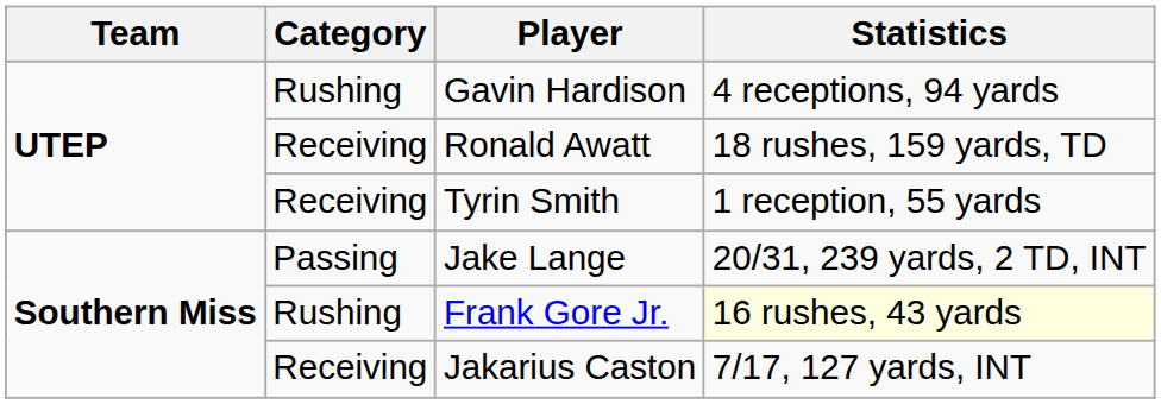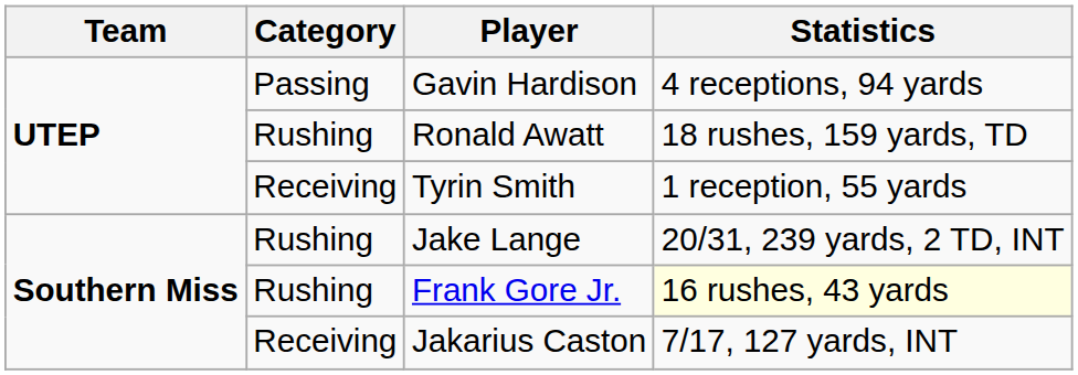 <table class="wikitable" style="float: left;">
 <tr>
 <th>Team</th>
 <th>Category</th>
 <th>Player</th>
 <th>Statistics</th>
 </tr>
 <tr>
 <td rowspan=3><strong>UTEP</strong></td>
-<td>Rushing</td>
+<td>Passing</td>
 <td>Gavin Hardison</td>
 <td>4 receptions, 94 yards</td>
 </tr>
 <tr>
-<td>Receiving</td>
+<td>Rushing</td>
 <td>Ronald Awatt</td>
 <td>18 rushes, 159 yards, TD</td>
 </tr>
 <tr>
 <td>Receiving</td>
 <td>Tyrin Smith</td>
 <td>1 reception, 55 yards</td>
 </tr>
 <tr>
 <td rowspan=3><strong>Southern Miss</strong></td>
-<td>Passing</td>
+<td>Rushing</td>
 <td>Jake Lange</td>
 <td>20/31, 239 yards, 2 TD, INT</td>
 </tr>
 <tr>
 <td>Rushing</td>
 <td><a href='#'>Frank Gore Jr.</a></td>
 <td style="background: lightyellow;">16 rushes, 43 yards</td>
 </tr>
 <tr>
 <td>Receiving</td>
 <td>Jakarius Caston</td>
 <td>7/17, 127 yards, INT</td>
 </tr>
 </table>
